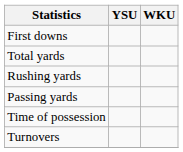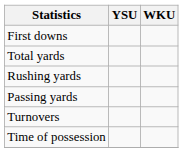 <table class="wikitable" style="float: left;">
 <tr>
 <th>Statistics</th>
 <th>YSU</th>
 <th>WKU</th>
 </tr>
 <tr>
 <td>First downs</td>
 <td></td>
 <td></td>
 </tr>
 <tr>
 <td>Total yards</td>
 <td></td>
 <td></td>
 </tr>
 <tr>
 <td>Rushing yards</td>
 <td></td>
 <td></td>
 </tr>
 <tr>
 <td>Passing yards</td>
 <td></td>
 <td></td>
 </tr>
 <tr>
-<td>Time of possession</td>
+<td>Turnovers</td>
 <td></td>
 <td></td>
 </tr>
 <tr>
-<td>Turnovers</td>
+<td>Time of possession</td>
 <td></td>
 <td></td>
 </tr>
 <tr>
 </tr>
 </table>
